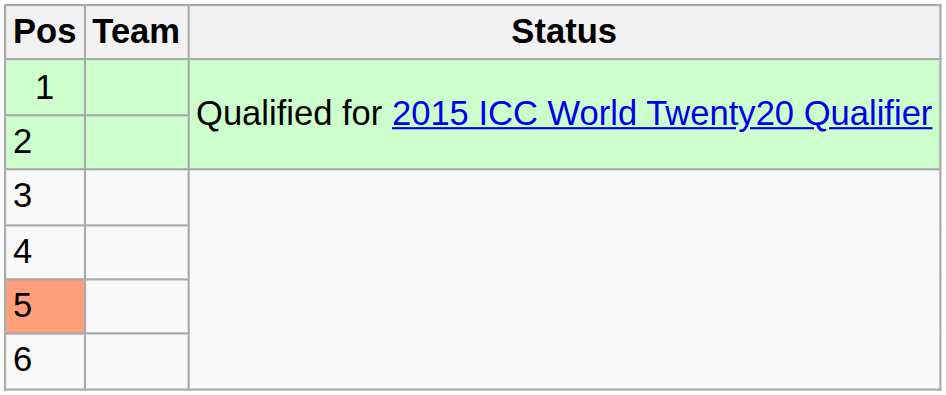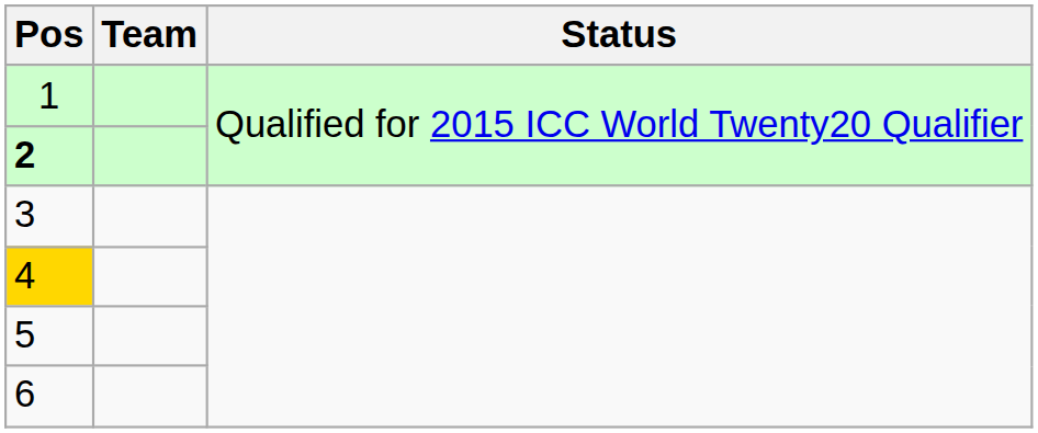 <table class="wikitable">
 <tr>
 <th>Pos</th>
 <th>Team</th>
 <th>Status</th>
 </tr>
 <tr style="background:#cfc">
 <td style="text-align:center">1</td>
 <td></td>
 <td rowspan=2>Qualified for <a href='#'>2015 ICC World Twenty20 Qualifier</a></td>
 </tr>
 <tr style="background:#cfc">
-<td>2</td>
+<td><strong>2</strong></td>
 <td></td>
 </tr>
 <tr>
 <td>3</td>
 <td></td>
 </tr>
 <tr>
-<td>4</td>
+<td style="background: gold;">4</td>
 <td></td>
 </tr>
 <tr>
-<td style="background: lightsalmon;">5</td>
+<td>5</td>
 <td></td>
 </tr>
 <tr>
 <td>6</td>
 <td></td>
 </tr>
 </table>
